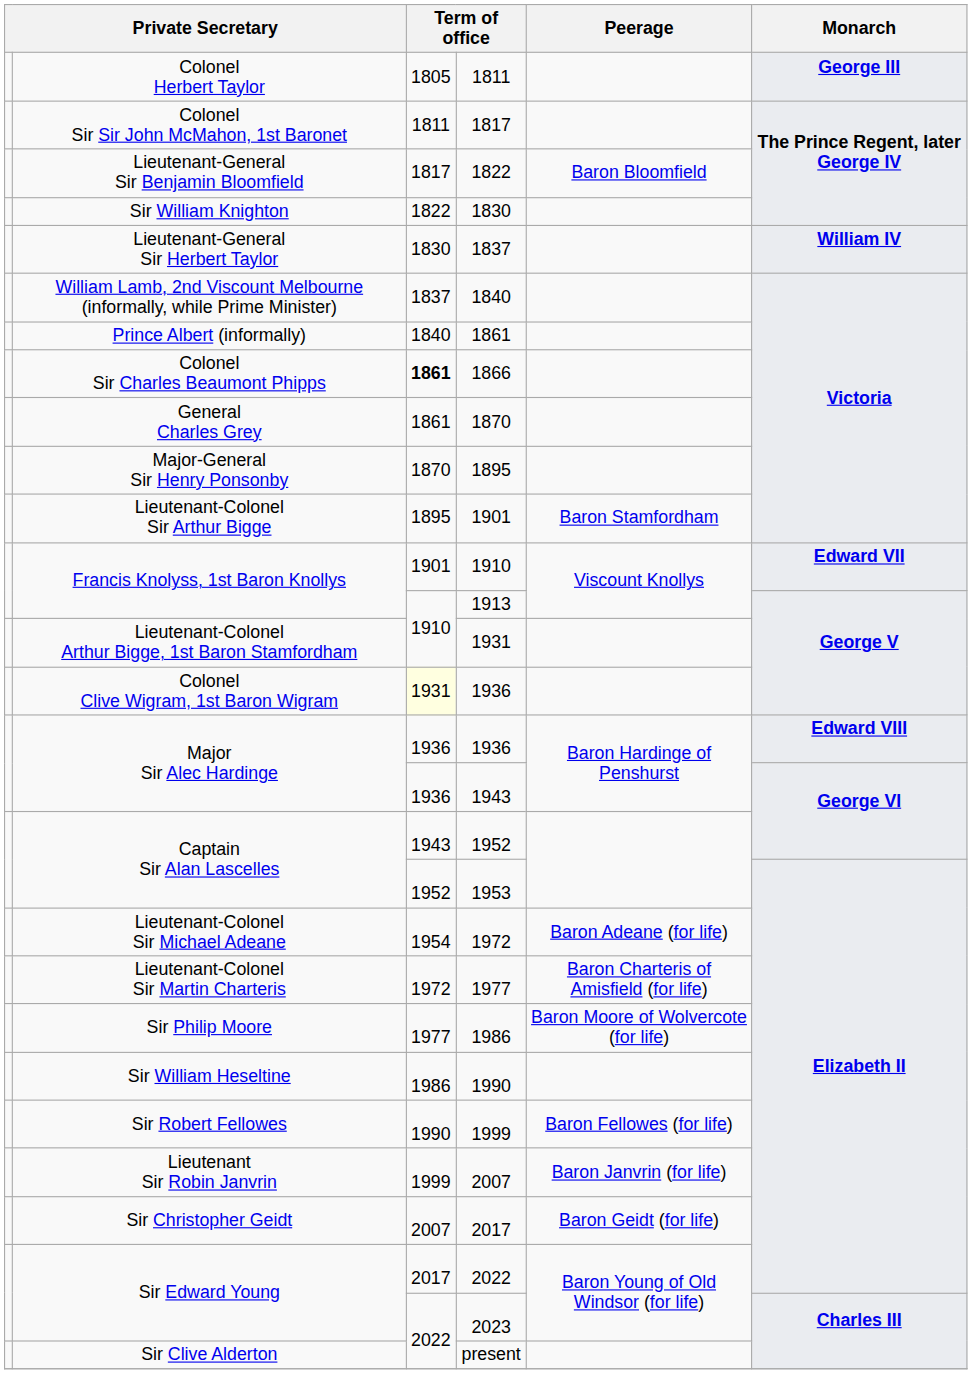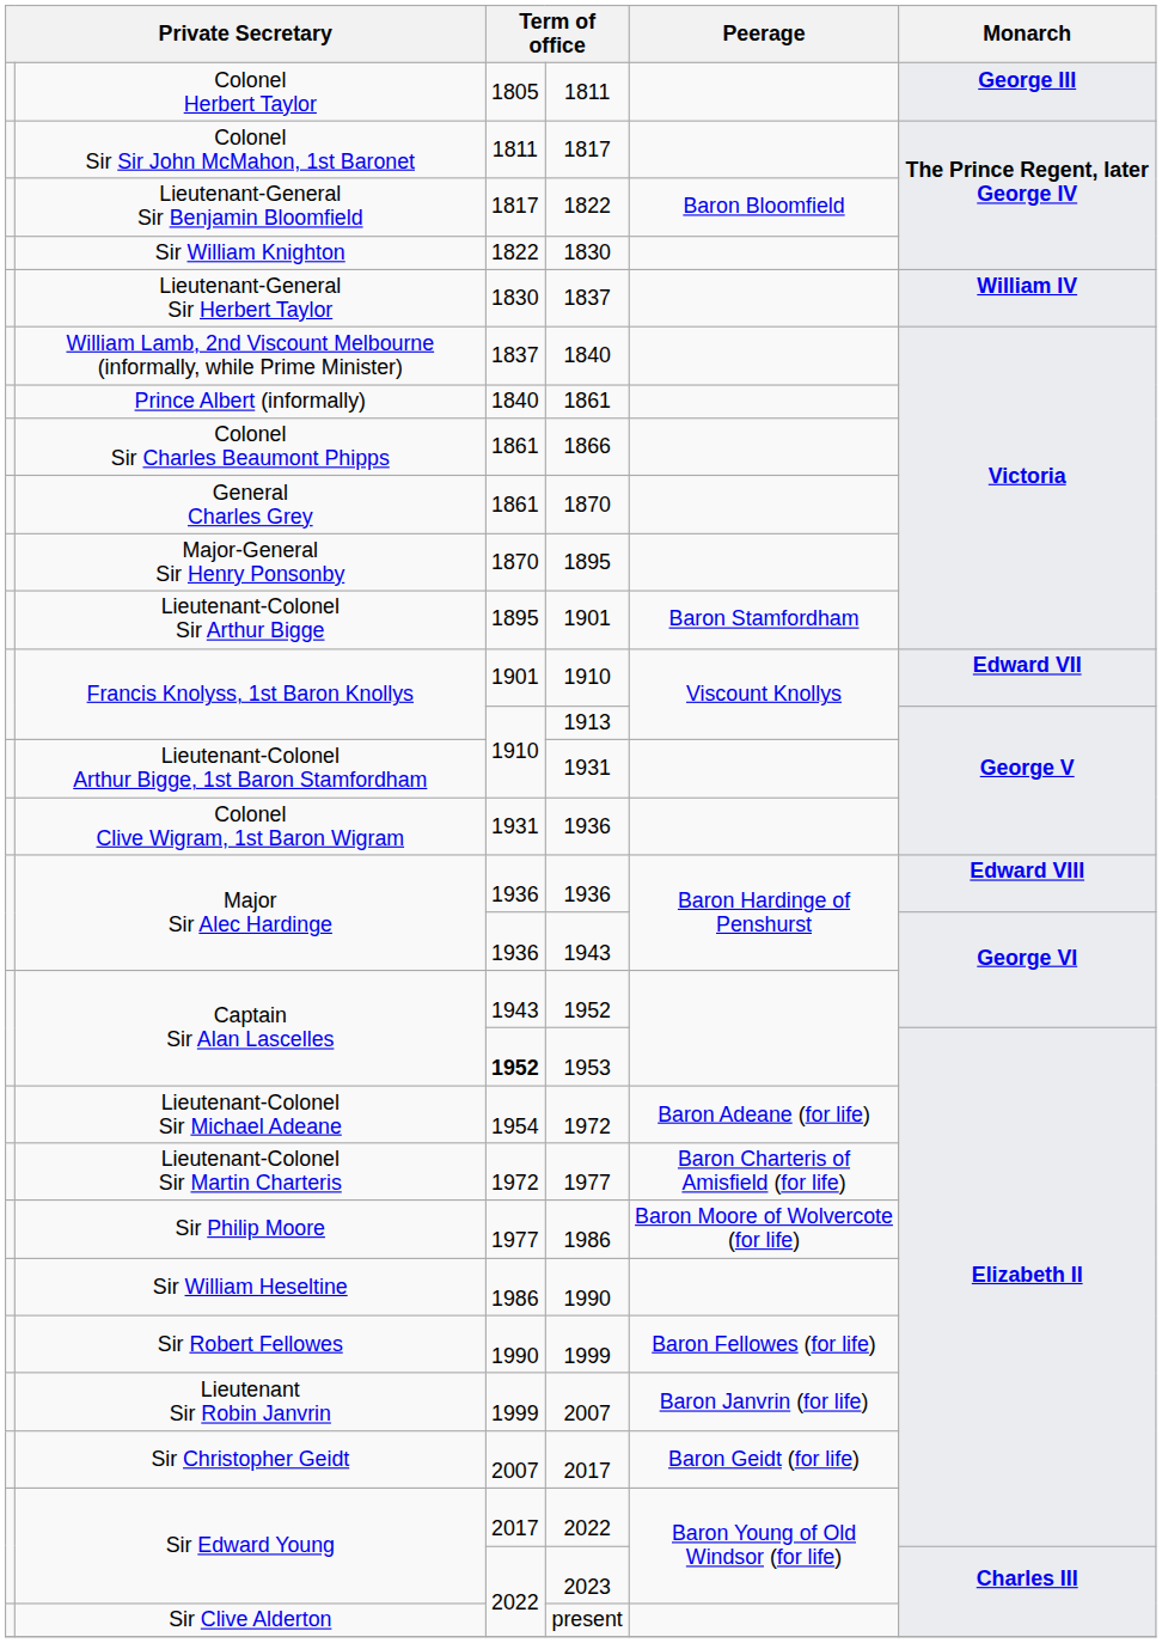 <table class="wikitable" style="text-align:center">
 <tr style="height:1em">
 <th colspan=2>Private Secretary</th>
 <th colspan=2>Term of office</th>
 <th>Peerage</th>
 <th>Monarch<br></th>
 </tr>
 <tr style="height:1em">
 <td></td>
 <td>Colonel<br><a href='#'>Herbert Taylor</a> </td>
 <td>1805</td>
 <td>1811</td>
 <td></td>
 <td style="background:#eaecf0"><strong><a href='#'>George III</a></strong><br><br></td>
 </tr>
 <tr>
 <td></td>
 <td>Colonel<br>Sir <a href='#'>Sir John McMahon, 1st Baronet</a><br></td>
 <td>1811</td>
 <td>1817</td>
 <td></td>
 <td rowspan=3 style="background:#eaecf0"><strong>The Prince Regent, later <a href='#'>George IV</a></strong><br><br></td>
 </tr>
 <tr>
 <td></td>
 <td>Lieutenant-General<br>Sir <a href='#'>Benjamin Bloomfield</a><br></td>
 <td>1817</td>
 <td>1822</td>
 <td><a href='#'>Baron Bloomfield</a></td>
 </tr>
 <tr>
 <td></td>
 <td>Sir <a href='#'>William Knighton</a><br></td>
 <td>1822</td>
 <td>1830</td>
 <td></td>
 </tr>
 <tr>
 <td></td>
 <td>Lieutenant-General<br>Sir <a href='#'>Herbert Taylor</a><br></td>
 <td>1830</td>
 <td>1837</td>
 <td></td>
 <td rowspan=1 style="background:#eaecf0"><strong><a href='#'>William IV</a></strong><br><br></td>
 </tr>
 <tr>
 <td></td>
 <td><a href='#'>William Lamb, 2nd Viscount Melbourne</a> (informally, while Prime Minister)</td>
 <td>1837</td>
 <td>1840</td>
 <td></td>
 <td rowspan=6 style="background:#eaecf0"><a href='#'><strong>Victoria</strong></a><br><br></td>
 </tr>
 <tr>
 <td></td>
 <td><a href='#'>Prince Albert</a> (informally)</td>
 <td>1840</td>
 <td>1861</td>
 <td></td>
 </tr>
 <tr>
 <td></td>
 <td>Colonel<br>Sir <a href='#'>Charles Beaumont Phipps</a></td>
-<td><strong>1861</strong></td>
+<td>1861</td>
 <td>1866</td>
 <td></td>
 </tr>
 <tr>
 <td></td>
 <td>General<br><a href='#'>Charles Grey</a></td>
 <td>1861</td>
 <td>1870</td>
 <td></td>
 </tr>
 <tr>
 <td></td>
 <td>Major-General<br>Sir <a href='#'>Henry Ponsonby</a></td>
 <td>1870</td>
 <td>1895</td>
 <td></td>
 </tr>
 <tr>
 <td></td>
 <td>Lieutenant-Colonel<br>Sir <a href='#'>Arthur Bigge</a></td>
 <td>1895</td>
 <td>1901</td>
 <td><a href='#'>Baron Stamfordham</a></td>
 </tr>
 <tr>
 <td rowspan=2></td>
 <td rowspan=2><a href='#'>Francis Knolyss, 1st Baron Knollys</a></td>
 <td>1901</td>
 <td>1910</td>
 <td rowspan=2><a href='#'>Viscount Knollys</a></td>
 <td rowspan=1 style="background:#eaecf0"><strong><a href='#'>Edward VII</a></strong><br><br></td>
 </tr>
 <tr>
 <td rowspan=2>1910</td>
 <td>1913</td>
 <td rowspan=3 style="background:#eaecf0"><strong><a href='#'>George V</a></strong><br><br></td>
 </tr>
 <tr>
 <td></td>
 <td>Lieutenant-Colonel<br><a href='#'>Arthur Bigge, 1st Baron Stamfordham</a></td>
 <td>1931</td>
 <td></td>
 </tr>
 <tr>
 <td></td>
 <td>Colonel<br><a href='#'>Clive Wigram, 1st Baron Wigram</a></td>
-<td style="background: lightyellow;">1931</td>
+<td>1931</td>
 <td>1936</td>
 <td></td>
 </tr>
 <tr>
 <td rowspan=2></td>
 <td rowspan=2>Major<br>Sir <a href='#'>Alec Hardinge</a></td>
 <td><br>1936</td>
 <td><br>1936</td>
 <td rowspan=2><a href='#'>Baron Hardinge of Penshurst</a></td>
 <td rowspan=1 style="background:#eaecf0"><strong><a href='#'>Edward VIII</a></strong><br><br></td>
 </tr>
 <tr>
 <td><br>1936</td>
 <td><br>1943</td>
 <td rowspan=2 style="background:#eaecf0"><strong><a href='#'>George VI</a></strong><br><br></td>
 </tr>
 <tr>
 <td rowspan=2></td>
 <td rowspan=2>Captain<br>Sir <a href='#'>Alan Lascelles</a></td>
 <td><br>1943</td>
 <td><br>1952</td>
 <td rowspan=2></td>
 </tr>
 <tr>
-<td><br>1952</td>
+<td><strong><br>1952</strong></td>
 <td><br>1953</td>
 <td rowspan=9 style="background:#eaecf0"><strong><a href='#'>Elizabeth II</a></strong><br><br></td>
 </tr>
 <tr>
 <td></td>
 <td>Lieutenant-Colonel<br>Sir <a href='#'>Michael Adeane</a></td>
 <td><br>1954</td>
 <td><br>1972</td>
 <td><a href='#'>Baron Adeane</a> (<a href='#'>for life</a>)</td>
 </tr>
 <tr>
 <td></td>
 <td>Lieutenant-Colonel<br>Sir <a href='#'>Martin Charteris</a></td>
 <td><br>1972</td>
 <td><br>1977</td>
 <td><a href='#'>Baron Charteris of Amisfield</a> (<a href='#'>for life</a>)</td>
 </tr>
 <tr>
 <td></td>
 <td>Sir <a href='#'>Philip Moore</a></td>
 <td><br>1977</td>
 <td><br>1986</td>
 <td><a href='#'>Baron Moore of Wolvercote</a> (<a href='#'>for life</a>)</td>
 </tr>
 <tr>
 <td></td>
 <td>Sir <a href='#'>William Heseltine</a></td>
 <td><br>1986</td>
 <td><br>1990</td>
 <td></td>
 </tr>
 <tr>
 <td></td>
 <td>Sir <a href='#'>Robert Fellowes</a></td>
 <td><br>1990</td>
 <td><br>1999</td>
 <td><a href='#'>Baron Fellowes</a> (<a href='#'>for life</a>)</td>
 </tr>
 <tr>
 <td></td>
 <td>Lieutenant<br>Sir <a href='#'>Robin Janvrin</a></td>
 <td><br>1999</td>
 <td><br>2007</td>
 <td><a href='#'>Baron Janvrin</a> (<a href='#'>for life</a>)</td>
 </tr>
 <tr>
 <td></td>
 <td>Sir <a href='#'>Christopher Geidt</a></td>
 <td><br>2007</td>
 <td><br>2017</td>
 <td><a href='#'>Baron Geidt</a> (<a href='#'>for life</a>)</td>
 </tr>
 <tr>
 <td rowspan=2></td>
 <td rowspan=2>Sir <a href='#'>Edward Young</a></td>
 <td><br>2017</td>
 <td><br>2022</td>
 <td rowspan=2><a href='#'>Baron Young of Old Windsor</a> (<a href='#'>for life</a>)</td>
 </tr>
 <tr>
 <td rowspan=2><br>2022</td>
 <td><br>2023</td>
 <td rowspan=2 style="background:#eaecf0"><strong><a href='#'>Charles III</a></strong><br><br></td>
 </tr>
 <tr>
 <td></td>
 <td>Sir <a href='#'>Clive Alderton</a></td>
 <td>present</td>
 <td></td>
 </tr>
 <tr>
 </tr>
 </table>
